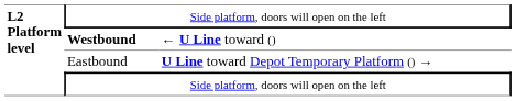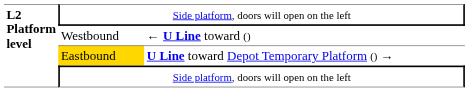 <table table border=0 cellspacing=0 cellpadding=3>
 <tr>
 <td style="border-top:solid 1px gray;border-bottom:solid 1px gray;" width=50 rowspan=10 valign=top><strong>L2<br>Platform level</strong></td>
 <td style="border-top:solid 1px gray;border-right:solid 2px black;border-left:solid 2px black;border-bottom:solid 2px black;text-align:center;" colspan=2><small><a href='#'>Side platform</a>, doors will open on the left </small></td>
 </tr>
 <tr>
-<td><strong>Westbound</strong></td>
+<td>Westbound</td>
 <td>← <a href='#'><span><strong>U Line</strong></span></a> toward  <small>()</small></td>
 </tr>
 <tr>
-<td style="border-bottom:solid 0px gray;border-top:solid 1px gray;" width=100>Eastbound</td>
+<td style="background: gold; border-bottom:solid 0px gray;border-top:solid 1px gray;" width=100>Eastbound</td>
 <td style="border-bottom:solid 0px gray;border-top:solid 1px gray;" width=390> <a href='#'><span><strong>U Line</strong></span></a> toward <a href='#'>Depot Temporary Platform</a> <small>()</small> →</td>
 </tr>
 <tr>
 <td style="border-top:solid 2px black;border-right:solid 2px black;border-left:solid 2px black;border-bottom:solid 1px gray;text-align:center;" colspan=2><small><a href='#'>Side platform</a>, doors will open on the left </small></td>
 </tr>
 </table>
